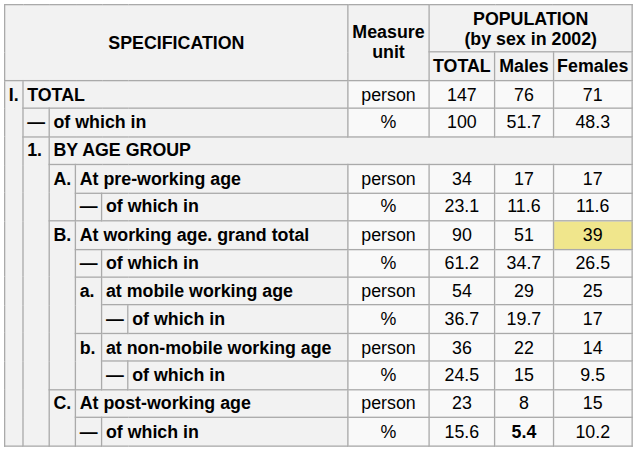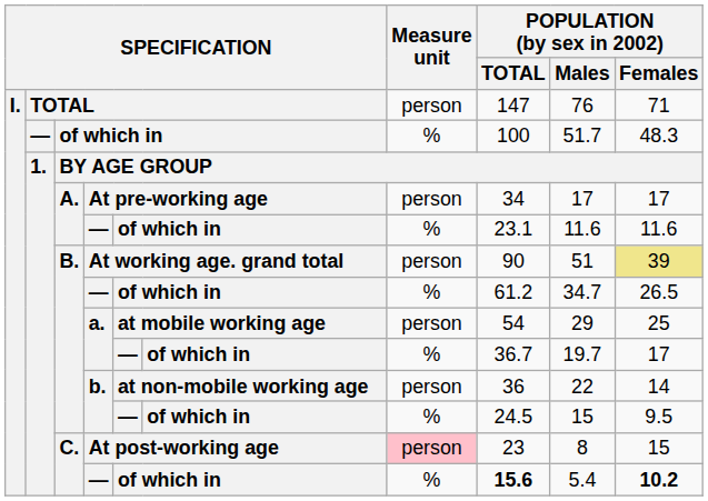 <table class="wikitable" style="font-size:85%; text-align:center">
 <tr>
 <th rowspan="2" colspan="6">SPECIFICATION</th>
 <th rowspan="2">Measure<br> unit</th>
 <th colspan="3" rowspan="1">POPULATION<br> (by sex in 2002)</th>
 </tr>
 <tr>
 <th>TOTAL</th>
 <th>Males</th>
 <th>Females</th>
 </tr>
 <tr>
 <th style="text-align:left" valign="top" rowspan="13">I.</th>
 <th style="text-align:left" colspan="5">TOTAL</th>
 <td>person</td>
 <td>147</td>
 <td>76</td>
 <td>71</td>
 </tr>
 <tr>
 <th style="text-align:left" valign="top">—</th>
 <th style="text-align:left" colspan="4">of which in</th>
 <td>%</td>
 <td>100</td>
 <td>51.7</td>
 <td>48.3</td>
 </tr>
 <tr>
 <th style="text-align:left" valign="top" rowspan="11">1.</th>
 <th style="text-align:left" colspan="19">BY AGE GROUP</th>
 </tr>
 <tr>
 <th style="text-align:left" valign="top" rowspan="2">A.</th>
 <th style="text-align:left" colspan="3">At pre-working age</th>
 <td>person</td>
 <td>34</td>
 <td>17</td>
 <td>17</td>
 </tr>
 <tr>
 <th style="text-align:left" valign="top">—</th>
 <th style="text-align:left" valign="top" colspan="2">of which in</th>
 <td>%</td>
 <td>23.1</td>
 <td>11.6</td>
 <td>11.6</td>
 </tr>
 <tr>
 <th style="text-align:left" valign="top" rowspan="6">B.</th>
 <th style="text-align:left" colspan="3">At working age. grand total</th>
 <td>person</td>
 <td>90</td>
 <td>51</td>
 <td style="background: khaki;">39</td>
 </tr>
 <tr>
 <th style="text-align:left" valign="top">—</th>
 <th style="text-align:left" valign="top" colspan="2">of which in</th>
 <td>%</td>
 <td>61.2</td>
 <td>34.7</td>
 <td>26.5</td>
 </tr>
 <tr>
 <th style="text-align:left" valign="top" rowspan="2">a.</th>
 <th style="text-align:left" colspan="2">at mobile working age</th>
 <td>person</td>
 <td>54</td>
 <td>29</td>
 <td>25</td>
 </tr>
 <tr>
 <th style="text-align:left" valign="top">—</th>
 <th style="text-align:left" valign="top" colspan="1">of which in                        </th>
 <td>%</td>
 <td>36.7</td>
 <td>19.7</td>
 <td>17</td>
 </tr>
 <tr>
 <th style="text-align:left" valign="top" rowspan="2">b.</th>
 <th style="text-align:left" colspan="2">at non-mobile working age</th>
 <td>person</td>
 <td>36</td>
 <td>22</td>
 <td>14</td>
 </tr>
 <tr>
 <th style="text-align:left" valign="top">—</th>
 <th style="text-align:left" valign="top" colspan="1">of which in                        </th>
 <td>%</td>
 <td>24.5</td>
 <td>15</td>
 <td>9.5</td>
 </tr>
 <tr>
 <th style="text-align:left" valign="top" rowspan="2">C.</th>
 <th style="text-align:left" colspan="3">At post-working age</th>
-<td>person</td>
+<td style="background: pink;">person</td>
 <td>23</td>
 <td>8</td>
 <td>15</td>
 </tr>
 <tr>
 <th style="text-align:left" valign="top">—</th>
 <th style="text-align:left" valign="top" colspan="2">of which in</th>
 <td>%</td>
-<td>15.6</td>
-<td><strong>5.4</strong></td>
-<td>10.2</td>
+<td><strong>15.6</strong></td>
+<td>5.4</td>
+<td><strong>10.2</strong></td>
 </tr>
 </table>
